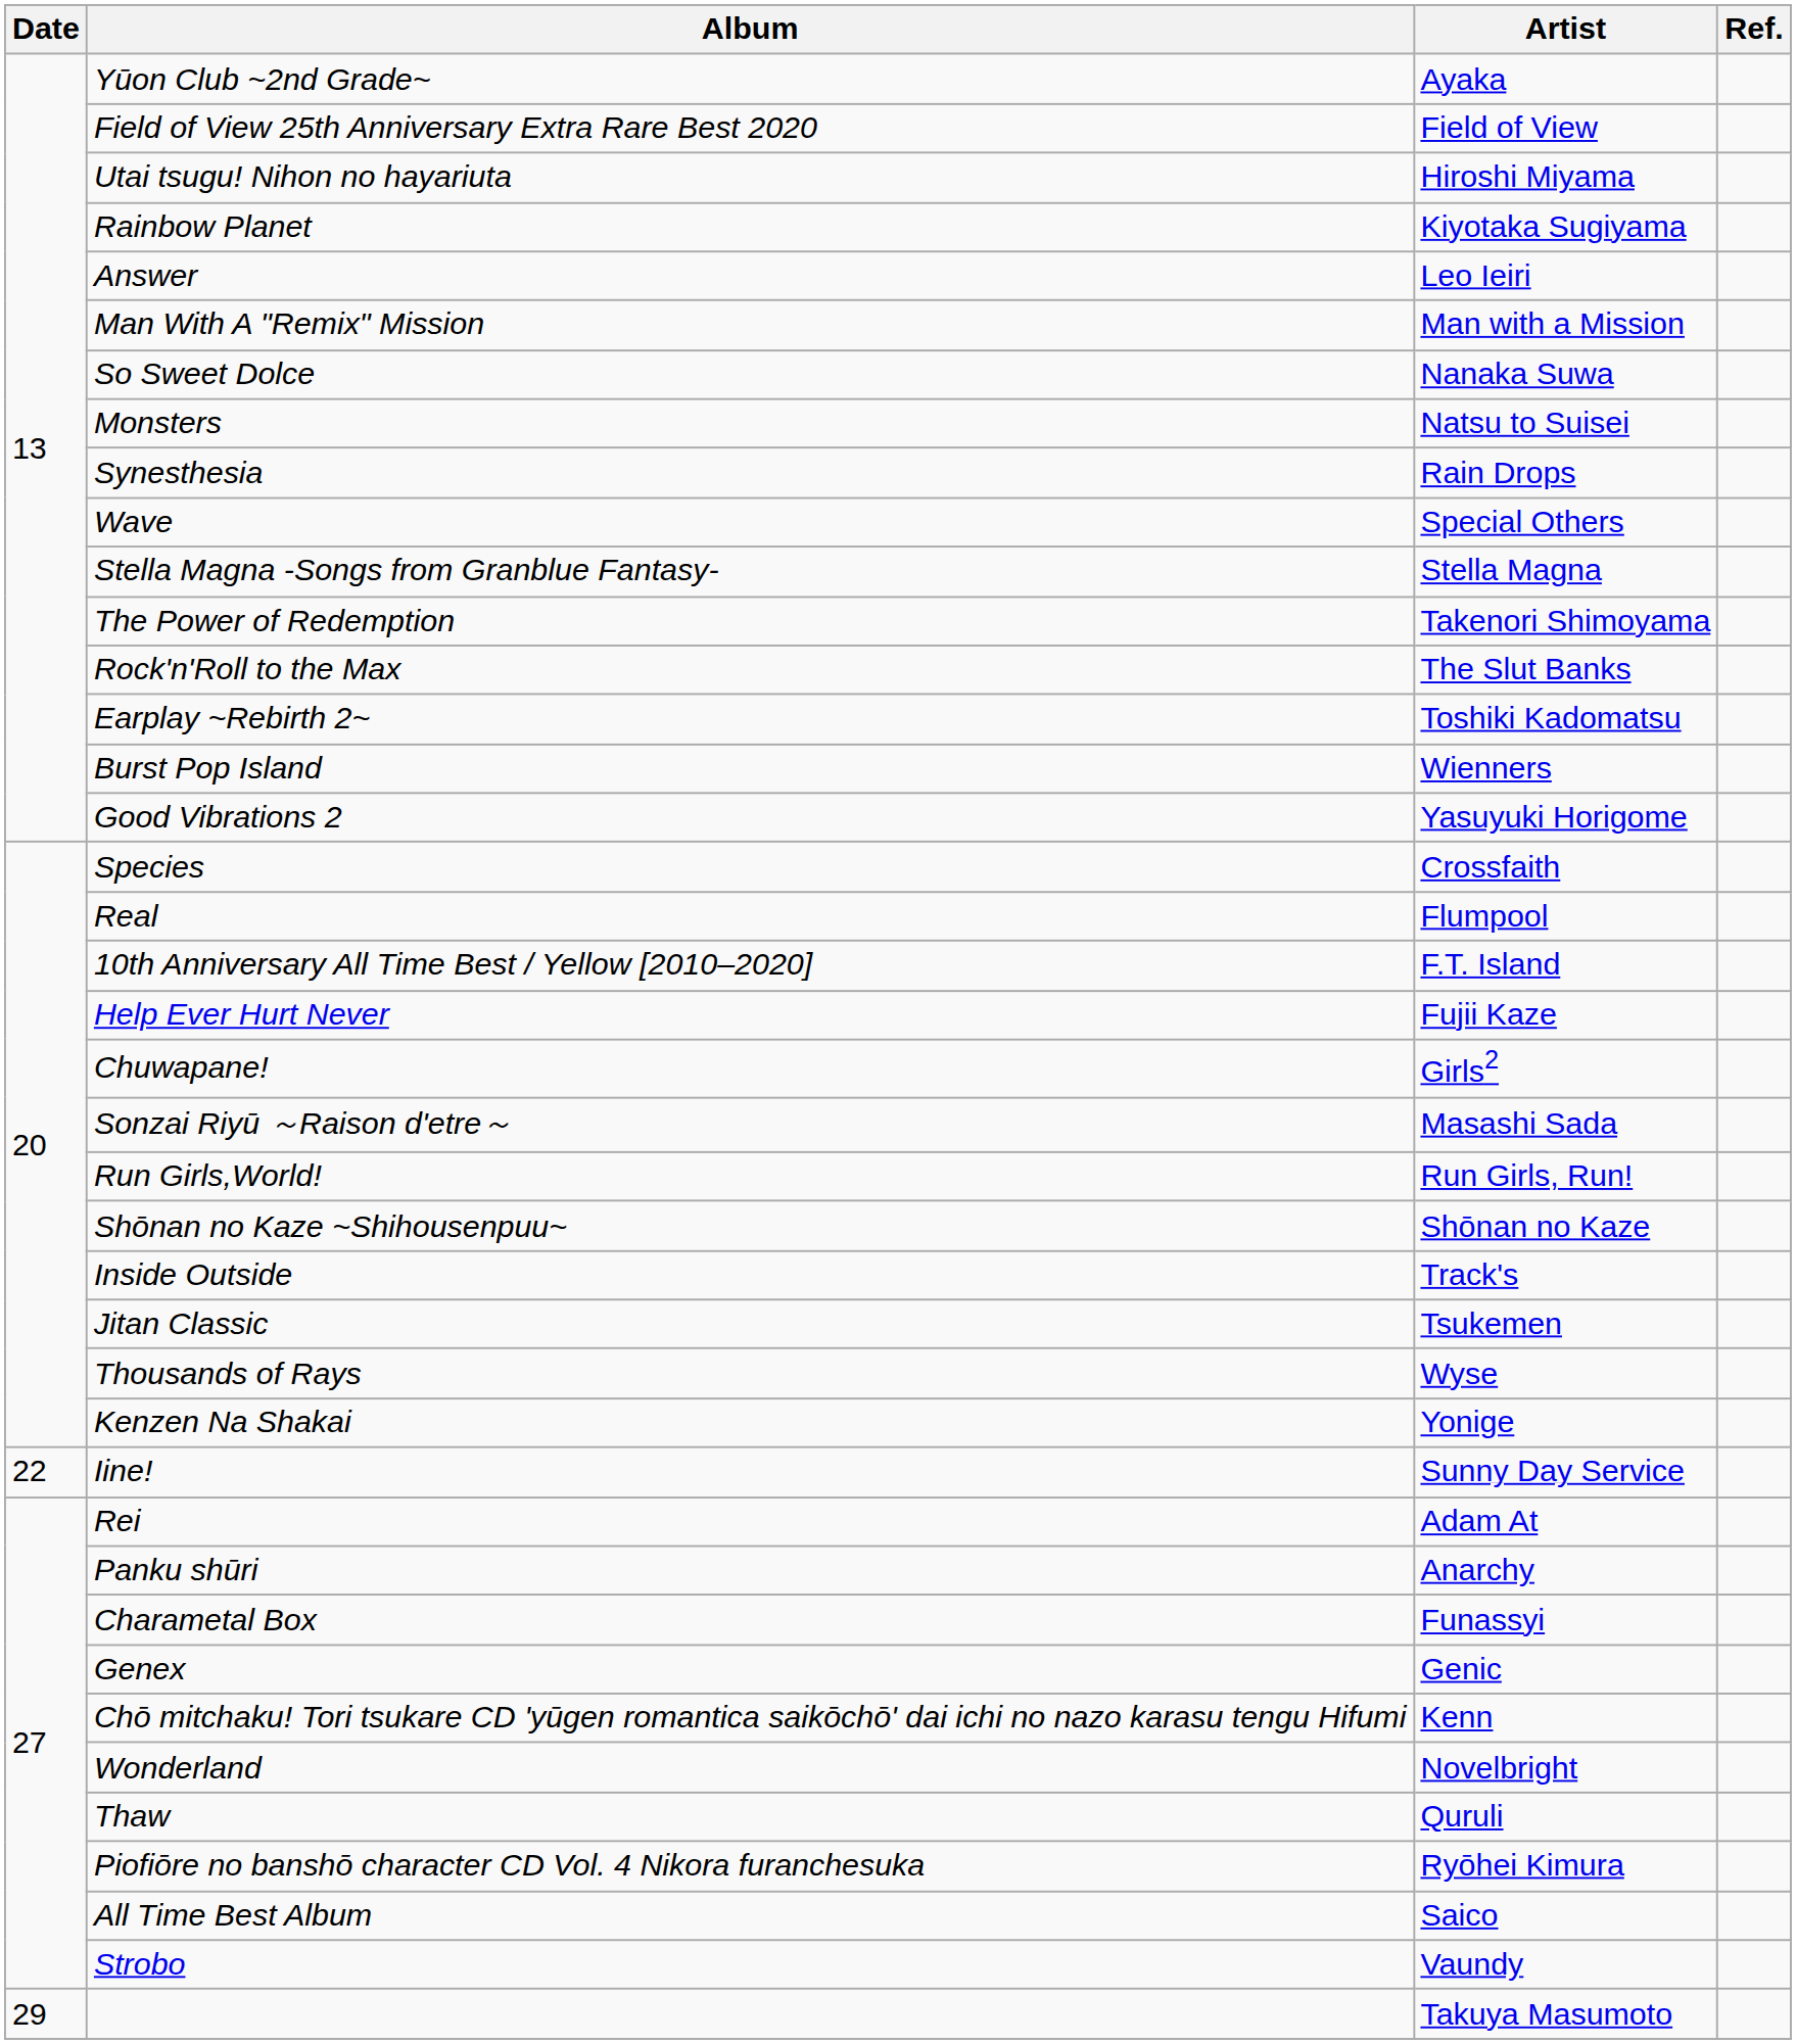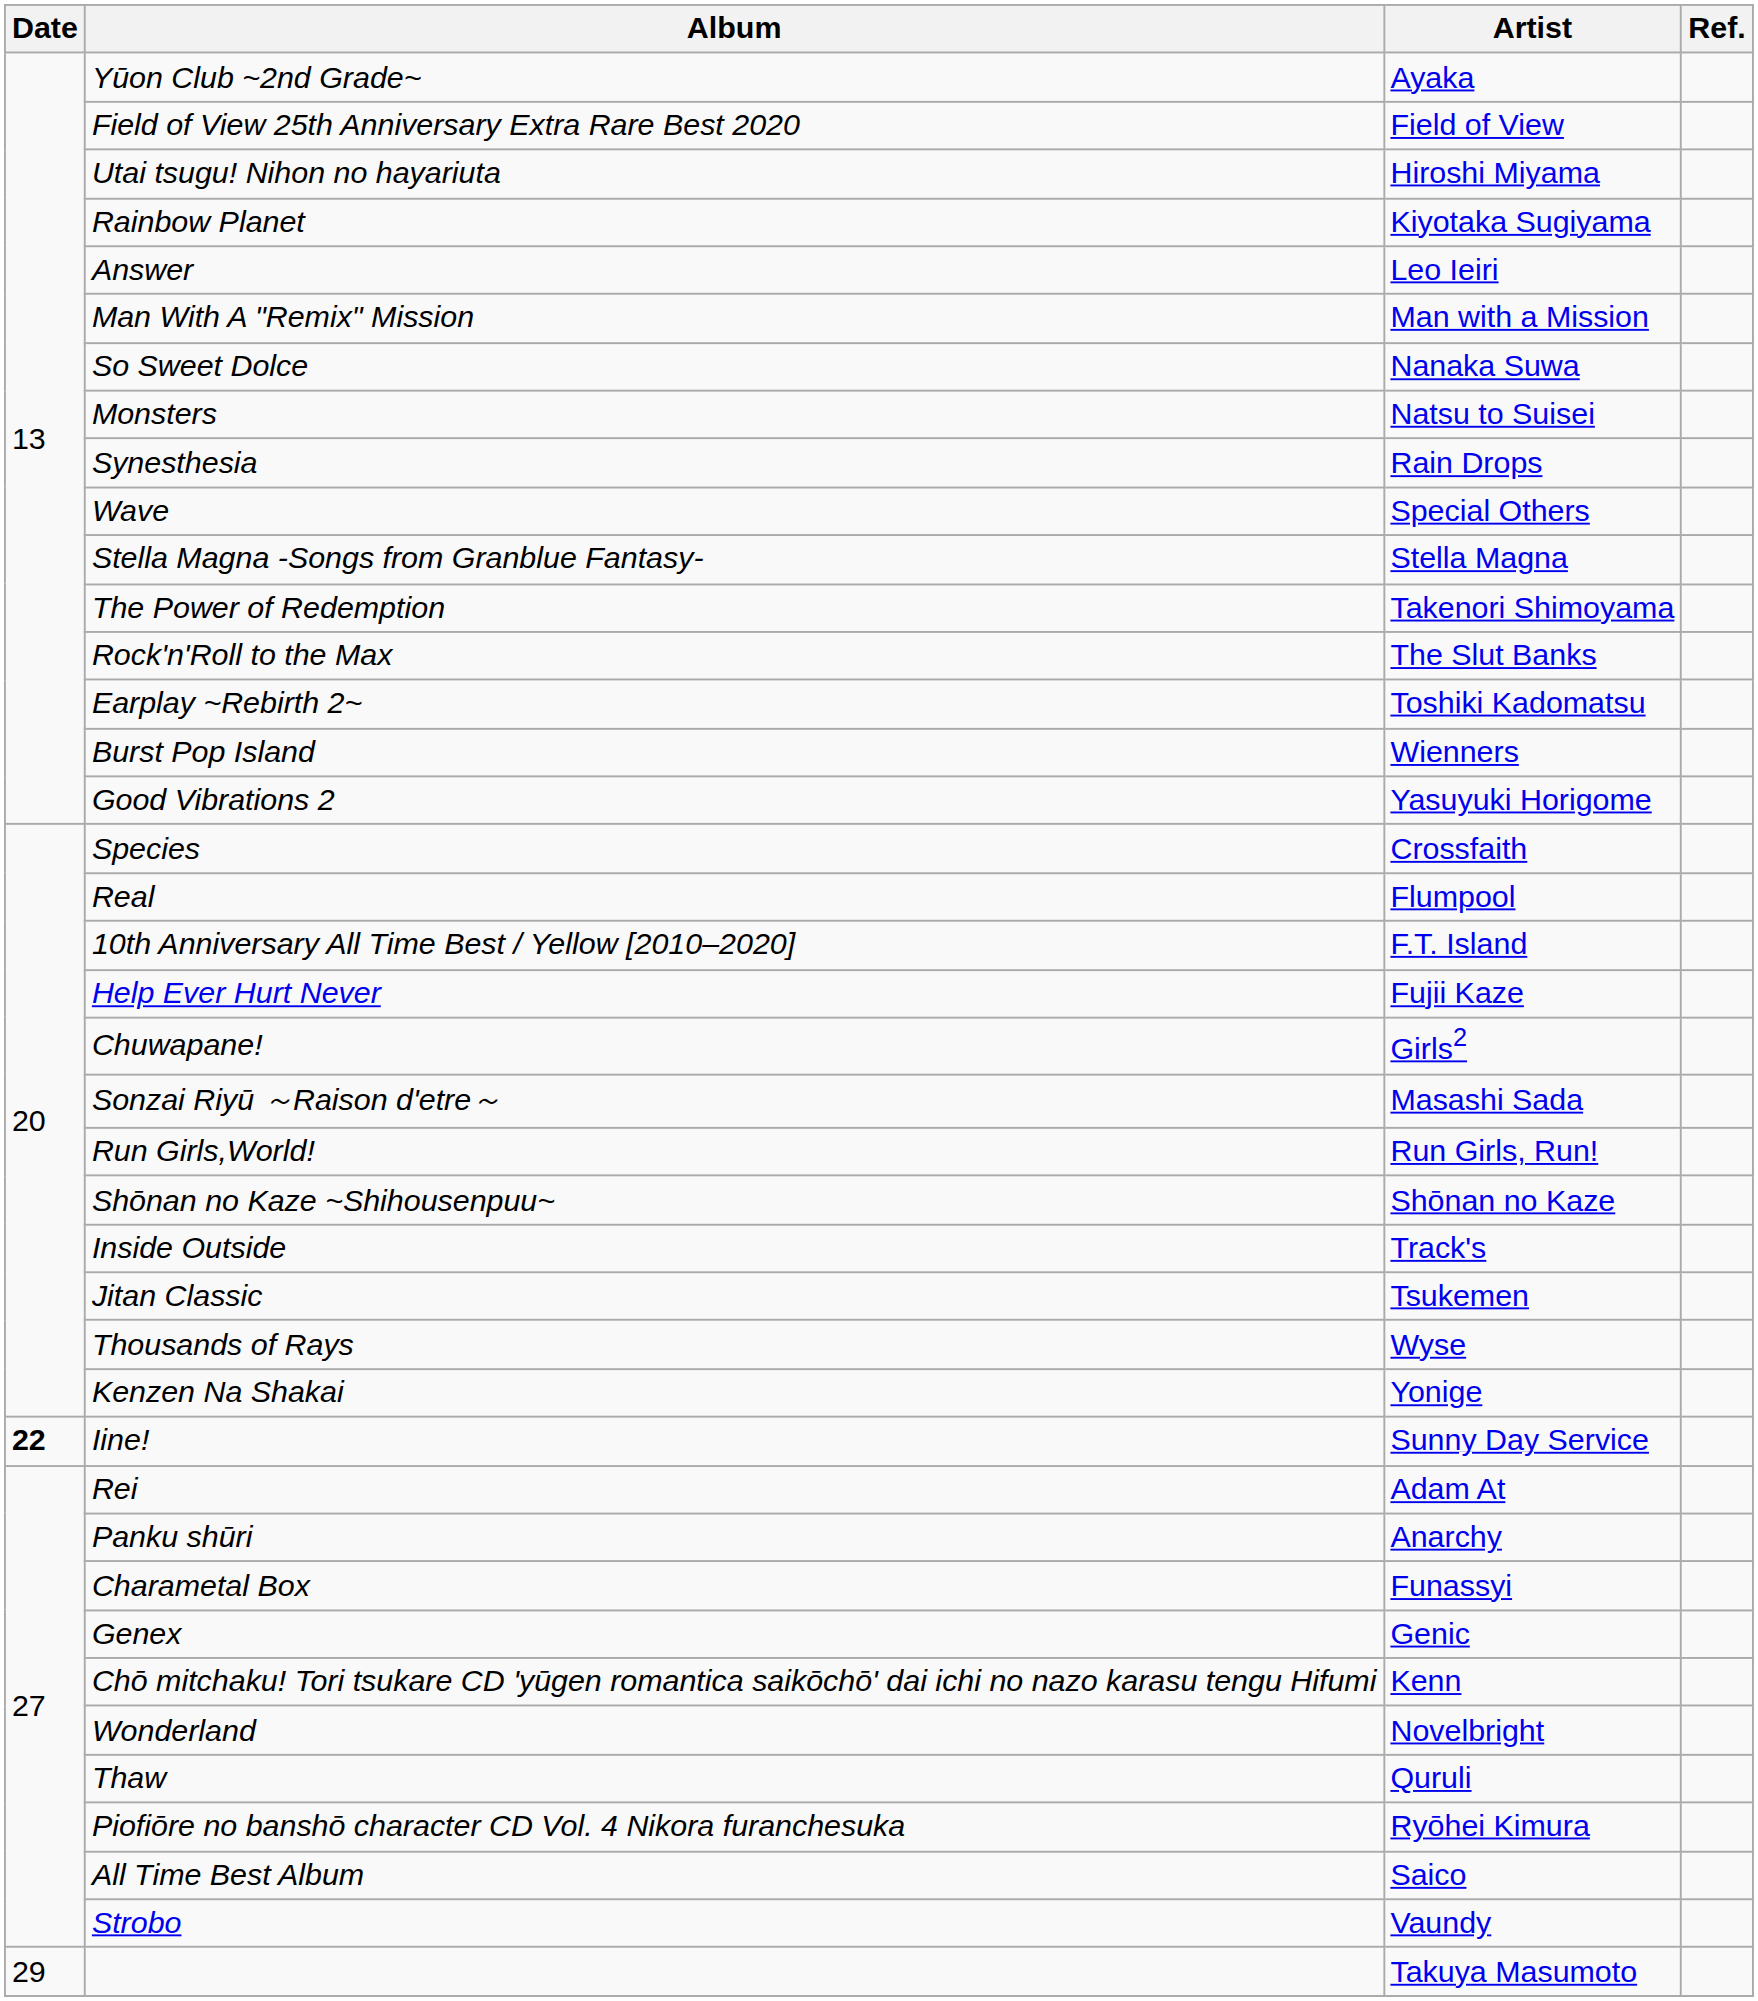 <table class="wikitable">
 <tr>
 <th>Date</th>
 <th>Album</th>
 <th>Artist</th>
 <th>Ref.</th>
 </tr>
 <tr>
 <td rowspan="16">13</td>
 <td><em>Yūon Club ~2nd Grade~</em></td>
 <td><a href='#'>Ayaka</a></td>
 <td></td>
 </tr>
 <tr>
 <td><em>Field of View 25th Anniversary Extra Rare Best 2020</em></td>
 <td><a href='#'>Field of View</a></td>
 <td></td>
 </tr>
 <tr>
 <td><em>Utai tsugu! Nihon no hayariuta</em></td>
 <td><a href='#'>Hiroshi Miyama</a></td>
 <td></td>
 </tr>
 <tr>
 <td><em>Rainbow Planet</em></td>
 <td><a href='#'>Kiyotaka Sugiyama</a></td>
 <td></td>
 </tr>
 <tr>
 <td><em>Answer</em></td>
 <td><a href='#'>Leo Ieiri</a></td>
 <td></td>
 </tr>
 <tr>
 <td><em>Man With A "Remix" Mission</em></td>
 <td><a href='#'>Man with a Mission</a></td>
 <td></td>
 </tr>
 <tr>
 <td><em>So Sweet Dolce</em></td>
 <td><a href='#'>Nanaka Suwa</a></td>
 <td></td>
 </tr>
 <tr>
 <td><em>Monsters</em></td>
 <td><a href='#'>Natsu to Suisei</a></td>
 <td></td>
 </tr>
 <tr>
 <td><em>Synesthesia</em></td>
 <td><a href='#'>Rain Drops</a></td>
 <td></td>
 </tr>
 <tr>
 <td><em>Wave</em></td>
 <td><a href='#'>Special Others</a></td>
 <td></td>
 </tr>
 <tr>
 <td><em>Stella Magna -Songs from Granblue Fantasy-</em></td>
 <td><a href='#'>Stella Magna</a></td>
 <td></td>
 </tr>
 <tr>
 <td><em>The Power of Redemption</em></td>
 <td><a href='#'>Takenori Shimoyama</a></td>
 <td></td>
 </tr>
 <tr>
 <td><em>Rock'n'Roll to the Max</em></td>
 <td><a href='#'>The Slut Banks</a></td>
 <td></td>
 </tr>
 <tr>
 <td><em>Earplay ~Rebirth 2~</em></td>
 <td><a href='#'>Toshiki Kadomatsu</a></td>
 <td></td>
 </tr>
 <tr>
 <td><em>Burst Pop Island</em></td>
 <td><a href='#'>Wienners</a></td>
 <td></td>
 </tr>
 <tr>
 <td><em>Good Vibrations 2</em></td>
 <td><a href='#'>Yasuyuki Horigome</a></td>
 <td></td>
 </tr>
 <tr>
 <td rowspan="12">20</td>
 <td><em>Species</em></td>
 <td><a href='#'>Crossfaith</a></td>
 <td></td>
 </tr>
 <tr>
 <td><em>Real</em></td>
 <td><a href='#'>Flumpool</a></td>
 <td></td>
 </tr>
 <tr>
 <td><em>10th Anniversary All Time Best / Yellow [2010–2020]</em></td>
 <td><a href='#'>F.T. Island</a></td>
 <td></td>
 </tr>
 <tr>
 <td><em><a href='#'>Help Ever Hurt Never</a></em></td>
 <td><a href='#'>Fujii Kaze</a></td>
 <td></td>
 </tr>
 <tr>
 <td><em>Chuwapane!</em></td>
 <td><a href='#'>Girls<sup>2</sup></a></td>
 <td></td>
 </tr>
 <tr>
 <td><em>Sonzai Riyū ～Raison d'etre～</em></td>
 <td><a href='#'>Masashi Sada</a></td>
 <td></td>
 </tr>
 <tr>
 <td><em>Run Girls,World!</em></td>
 <td><a href='#'>Run Girls, Run!</a></td>
 <td></td>
 </tr>
 <tr>
 <td><em>Shōnan no Kaze ~Shihousenpuu~</em></td>
 <td><a href='#'>Shōnan no Kaze</a></td>
 <td></td>
 </tr>
 <tr>
 <td><em>Inside Outside</em></td>
 <td><a href='#'>Track's</a></td>
 <td></td>
 </tr>
 <tr>
 <td><em>Jitan Classic</em></td>
 <td><a href='#'>Tsukemen</a></td>
 <td></td>
 </tr>
 <tr>
 <td><em>Thousands of Rays</em></td>
 <td><a href='#'>Wyse</a></td>
 <td></td>
 </tr>
 <tr>
 <td><em>Kenzen Na Shakai</em></td>
 <td><a href='#'>Yonige</a></td>
 <td></td>
 </tr>
 <tr>
-<td>22</td>
+<td><strong>22</strong></td>
 <td><em>Iine!</em></td>
 <td><a href='#'>Sunny Day Service</a></td>
 <td></td>
 </tr>
 <tr>
 <td rowspan="10">27</td>
 <td><em>Rei</em></td>
 <td><a href='#'>Adam At</a></td>
 <td></td>
 </tr>
 <tr>
 <td><em>Panku shūri</em></td>
 <td><a href='#'>Anarchy</a></td>
 <td></td>
 </tr>
 <tr>
 <td><em>Charametal Box</em></td>
 <td><a href='#'>Funassyi</a></td>
 <td></td>
 </tr>
 <tr>
 <td><em>Genex</em></td>
 <td><a href='#'>Genic</a></td>
 <td></td>
 </tr>
 <tr>
 <td><em>Chō mitchaku! Tori tsukare CD 'yūgen romantica saikōchō' dai ichi no nazo karasu tengu Hifumi</em></td>
 <td><a href='#'>Kenn</a></td>
 <td></td>
 </tr>
 <tr>
 <td><em>Wonderland</em></td>
 <td><a href='#'>Novelbright</a></td>
 <td></td>
 </tr>
 <tr>
 <td><em>Thaw</em></td>
 <td><a href='#'>Quruli</a></td>
 <td></td>
 </tr>
 <tr>
 <td><em>Piofiōre no banshō character CD Vol. 4 Nikora furanchesuka</em></td>
 <td><a href='#'>Ryōhei Kimura</a></td>
 <td></td>
 </tr>
 <tr>
 <td><em>All Time Best Album</em></td>
 <td><a href='#'>Saico</a></td>
 <td></td>
 </tr>
 <tr>
 <td><em><a href='#'>Strobo</a></em></td>
 <td><a href='#'>Vaundy</a></td>
 <td></td>
 </tr>
 <tr>
 <td>29</td>
 <td><em></em></td>
 <td><a href='#'>Takuya Masumoto</a></td>
 <td></td>
 </tr>
 <tr>
 </tr>
 </table>
